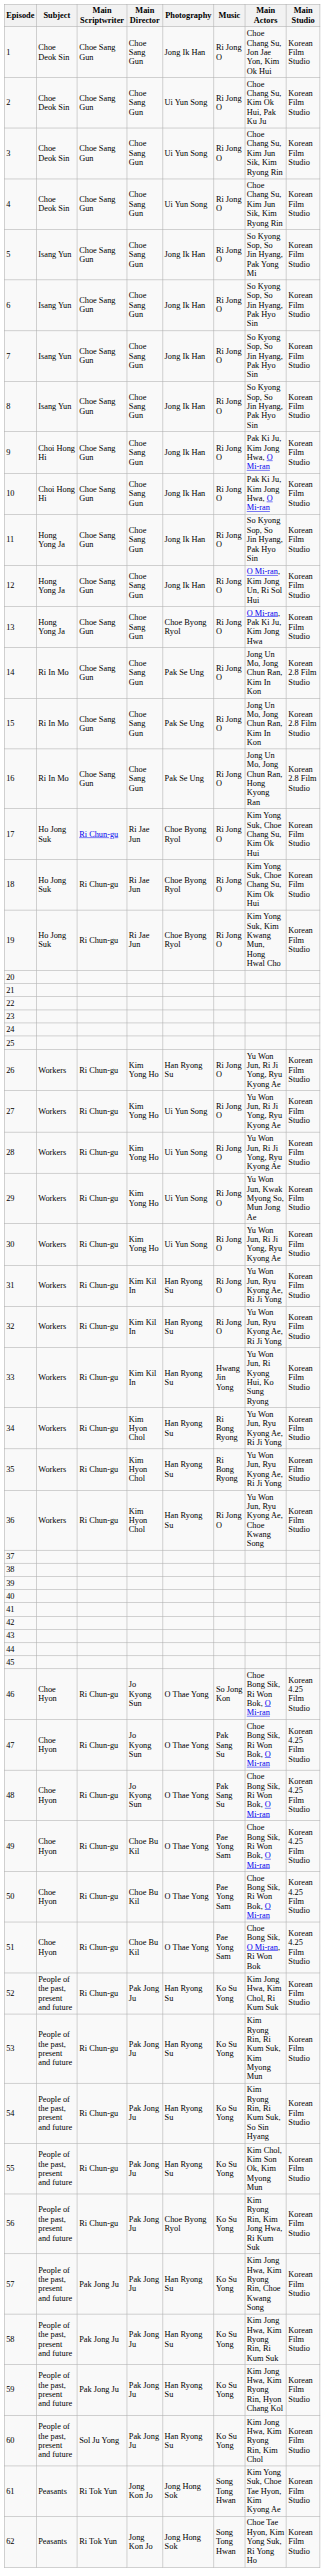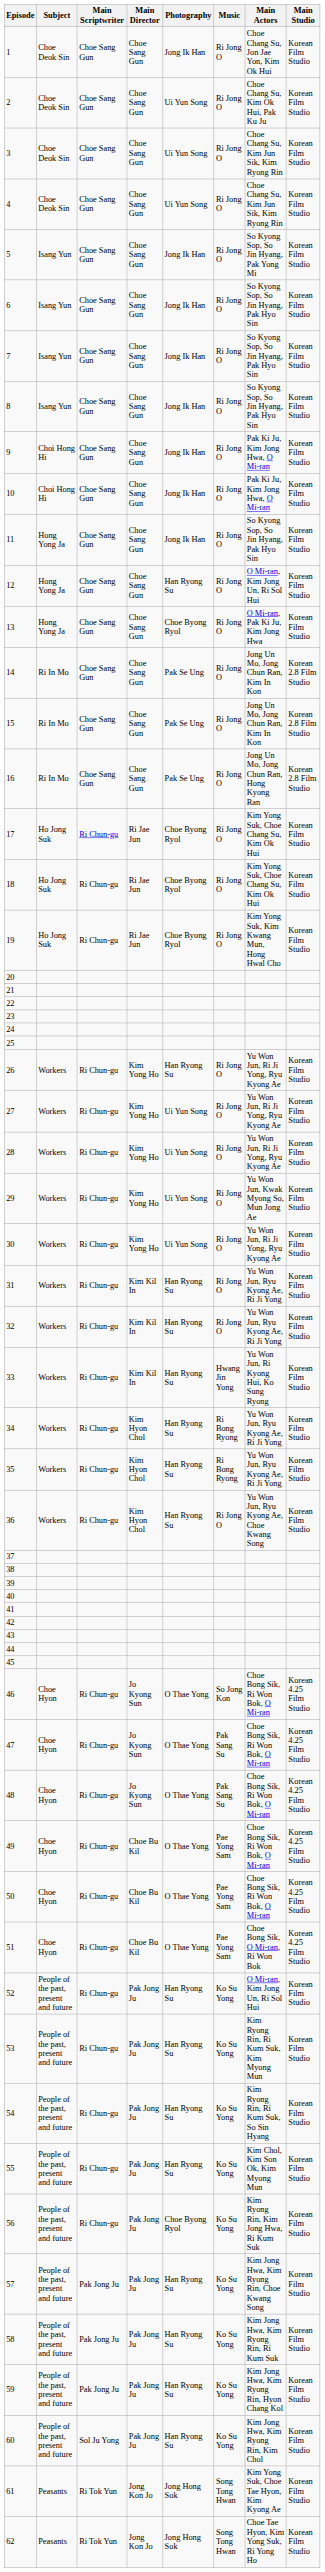 <table class="wikitable">
 <tr>
 <th>Episode</th>
 <th>Subject</th>
 <th>Main Scriptwriter</th>
 <th>Main Director</th>
 <th>Photography</th>
 <th>Music</th>
 <th>Main Actors</th>
 <th>Main Studio</th>
 </tr>
 <tr>
 <td>1</td>
 <td>Choe Deok Sin</td>
 <td>Choe Sang Gun</td>
 <td>Choe Sang Gun</td>
 <td>Jong Ik Han</td>
 <td>Ri Jong O</td>
 <td>Choe Chang Su, Jon Jae Yon, Kim Ok Hui</td>
 <td>Korean Film Studio</td>
 </tr>
 <tr>
 <td>2</td>
 <td>Choe Deok Sin</td>
 <td>Choe Sang Gun</td>
 <td>Choe Sang Gun</td>
 <td>Ui Yun Song</td>
 <td>Ri Jong O</td>
 <td>Choe Chang Su, Kim Ok Hui, Pak Ku Ju</td>
 <td>Korean Film Studio</td>
 </tr>
 <tr>
 <td>3</td>
 <td>Choe Deok Sin</td>
 <td>Choe Sang Gun</td>
 <td>Choe Sang Gun</td>
 <td>Ui Yun Song</td>
 <td>Ri Jong O</td>
 <td>Choe Chang Su, Kim Jun Sik, Kim Ryong Rin</td>
 <td>Korean Film Studio</td>
 </tr>
 <tr>
 <td>4</td>
 <td>Choe Deok Sin</td>
 <td>Choe Sang Gun</td>
 <td>Choe Sang Gun</td>
 <td>Ui Yun Song</td>
 <td>Ri Jong O</td>
 <td>Choe Chang Su, Kim Jun Sik, Kim Ryong Rin</td>
 <td>Korean Film Studio</td>
 </tr>
 <tr>
 <td>5</td>
 <td>Isang Yun</td>
 <td>Choe Sang Gun</td>
 <td>Choe Sang Gun</td>
 <td>Jong Ik Han</td>
 <td>Ri Jong O</td>
 <td>So Kyong Sop, So Jin Hyang, Pak Yong Mi</td>
 <td>Korean Film Studio</td>
 </tr>
 <tr>
 <td>6</td>
 <td>Isang Yun</td>
 <td>Choe Sang Gun</td>
 <td>Choe Sang Gun</td>
 <td>Jong Ik Han</td>
 <td>Ri Jong O</td>
 <td>So Kyong Sop, So Jin Hyang, Pak Hyo Sin</td>
 <td>Korean Film Studio</td>
 </tr>
 <tr>
 <td>7</td>
 <td>Isang Yun</td>
 <td>Choe Sang Gun</td>
 <td>Choe Sang Gun</td>
 <td>Jong Ik Han</td>
 <td>Ri Jong O</td>
 <td>So Kyong Sop, So Jin Hyang, Pak Hyo Sin</td>
 <td>Korean Film Studio</td>
 </tr>
 <tr>
 <td>8</td>
 <td>Isang Yun</td>
 <td>Choe Sang Gun</td>
 <td>Choe Sang Gun</td>
 <td>Jong Ik Han</td>
 <td>Ri Jong O</td>
 <td>So Kyong Sop, So Jin Hyang, Pak Hyo Sin</td>
 <td>Korean Film Studio</td>
 </tr>
 <tr>
 <td>9</td>
 <td>Choi Hong Hi</td>
 <td>Choe Sang Gun</td>
 <td>Choe Sang Gun</td>
 <td>Jong Ik Han</td>
 <td>Ri Jong O</td>
 <td>Pak Ki Ju, Kim Jong Hwa, <a href='#'>O Mi-ran</a></td>
 <td>Korean Film Studio</td>
 </tr>
 <tr>
 <td>10</td>
 <td>Choi Hong Hi</td>
 <td>Choe Sang Gun</td>
 <td>Choe Sang Gun</td>
 <td>Jong Ik Han</td>
 <td>Ri Jong O</td>
 <td>Pak Ki Ju, Kim Jong Hwa, <a href='#'>O Mi-ran</a></td>
 <td>Korean Film Studio</td>
 </tr>
 <tr>
 <td>11</td>
 <td>Hong Yong Ja</td>
 <td>Choe Sang Gun</td>
 <td>Choe Sang Gun</td>
 <td>Jong Ik Han</td>
 <td>Ri Jong O</td>
 <td>So Kyong Sop, So Jin Hyang, Pak Hyo Sin</td>
 <td>Korean Film Studio</td>
 </tr>
 <tr>
 <td>12</td>
 <td>Hong Yong Ja</td>
 <td>Choe Sang Gun</td>
 <td>Choe Sang Gun</td>
-<td>Jong Ik Han</td>
+<td>Han Ryong Su</td>
 <td>Ri Jong O</td>
 <td><a href='#'>O Mi-ran</a>, Kim Jong Un, Ri Sol Hui</td>
 <td>Korean Film Studio</td>
 </tr>
 <tr>
 <td>13</td>
 <td>Hong Yong Ja</td>
 <td>Choe Sang Gun</td>
 <td>Choe Sang Gun</td>
 <td>Choe Byong Ryol</td>
 <td>Ri Jong O</td>
 <td><a href='#'>O Mi-ran</a>, Pak Ki Ju, Kim Jong Hwa</td>
 <td>Korean Film Studio</td>
 </tr>
 <tr>
 <td>14</td>
 <td>Ri In Mo</td>
 <td>Choe Sang Gun</td>
 <td>Choe Sang Gun</td>
 <td>Pak Se Ung</td>
 <td>Ri Jong O</td>
 <td>Jong Un Mo, Jong Chun Ran, Kim In Kon</td>
 <td>Korean 2.8 Film Studio</td>
 </tr>
 <tr>
 <td>15</td>
 <td>Ri In Mo</td>
 <td>Choe Sang Gun</td>
 <td>Choe Sang Gun</td>
 <td>Pak Se Ung</td>
 <td>Ri Jong O</td>
 <td>Jong Un Mo, Jong Chun Ran, Kim In Kon</td>
 <td>Korean 2.8 Film Studio</td>
 </tr>
 <tr>
 <td>16</td>
 <td>Ri In Mo</td>
 <td>Choe Sang Gun</td>
 <td>Choe Sang Gun</td>
 <td>Pak Se Ung</td>
 <td>Ri Jong O</td>
 <td>Jong Un Mo, Jong Chun Ran, Hong Kyong Ran</td>
 <td>Korean 2.8 Film Studio</td>
 </tr>
 <tr>
 <td>17</td>
 <td>Ho Jong Suk</td>
 <td><a href='#'>Ri Chun-gu</a></td>
 <td>Ri Jae Jun</td>
 <td>Choe Byong Ryol</td>
 <td>Ri Jong O</td>
 <td>Kim Yong Suk, Choe Chang Su, Kim Ok Hui</td>
 <td>Korean Film Studio</td>
 </tr>
 <tr>
 <td>18</td>
 <td>Ho Jong Suk</td>
 <td>Ri Chun-gu</td>
 <td>Ri Jae Jun</td>
 <td>Choe Byong Ryol</td>
 <td>Ri Jong O</td>
 <td>Kim Yong Suk, Choe Chang Su, Kim Ok Hui</td>
 <td>Korean Film Studio</td>
 </tr>
 <tr>
 <td>19</td>
 <td>Ho Jong Suk</td>
 <td>Ri Chun-gu</td>
 <td>Ri Jae Jun</td>
 <td>Choe Byong Ryol</td>
 <td>Ri Jong O</td>
 <td>Kim Yong Suk, Kim Kwang Mun, Hong Hwal Cho</td>
 <td>Korean Film Studio</td>
 </tr>
 <tr>
 <td>20</td>
 <td></td>
 <td></td>
 <td></td>
 <td></td>
 <td></td>
 <td></td>
 <td></td>
 </tr>
 <tr>
 <td>21</td>
 <td></td>
 <td></td>
 <td></td>
 <td></td>
 <td></td>
 <td></td>
 <td></td>
 </tr>
 <tr>
 <td>22</td>
 <td></td>
 <td></td>
 <td></td>
 <td></td>
 <td></td>
 <td></td>
 <td></td>
 </tr>
 <tr>
 <td>23</td>
 <td></td>
 <td></td>
 <td></td>
 <td></td>
 <td></td>
 <td></td>
 <td></td>
 </tr>
 <tr>
 <td>24</td>
 <td></td>
 <td></td>
 <td></td>
 <td></td>
 <td></td>
 <td></td>
 <td></td>
 </tr>
 <tr>
 <td>25</td>
 <td></td>
 <td></td>
 <td></td>
 <td></td>
 <td></td>
 <td></td>
 <td></td>
 </tr>
 <tr>
 <td>26</td>
 <td>Workers</td>
 <td>Ri Chun-gu</td>
 <td>Kim Yong Ho</td>
 <td>Han Ryong Su</td>
 <td>Ri Jong O</td>
 <td>Yu Won Jun, Ri Ji Yong, Ryu Kyong Ae</td>
 <td>Korean Film Studio</td>
 </tr>
 <tr>
 <td>27</td>
 <td>Workers</td>
 <td>Ri Chun-gu</td>
 <td>Kim Yong Ho</td>
 <td>Ui Yun Song</td>
 <td>Ri Jong O</td>
 <td>Yu Won Jun, Ri Ji Yong, Ryu Kyong Ae</td>
 <td>Korean Film Studio</td>
 </tr>
 <tr>
 <td>28</td>
 <td>Workers</td>
 <td>Ri Chun-gu</td>
 <td>Kim Yong Ho</td>
 <td>Ui Yun Song</td>
 <td>Ri Jong O</td>
 <td>Yu Won Jun, Ri Ji Yong, Ryu Kyong Ae</td>
 <td>Korean Film Studio</td>
 </tr>
 <tr>
 <td>29</td>
 <td>Workers</td>
 <td>Ri Chun-gu</td>
 <td>Kim Yong Ho</td>
 <td>Ui Yun Song</td>
 <td>Ri Jong O</td>
 <td>Yu Won Jun, Kwak Myong So, Mun Jong Ae</td>
 <td>Korean Film Studio</td>
 </tr>
 <tr>
 <td>30</td>
 <td>Workers</td>
 <td>Ri Chun-gu</td>
 <td>Kim Yong Ho</td>
 <td>Ui Yun Song</td>
 <td>Ri Jong O</td>
 <td>Yu Won Jun, Ri Ji Yong, Ryu Kyong Ae</td>
 <td>Korean Film Studio</td>
 </tr>
 <tr>
 <td>31</td>
 <td>Workers</td>
 <td>Ri Chun-gu</td>
 <td>Kim Kil In</td>
 <td>Han Ryong Su</td>
 <td>Ri Jong O</td>
 <td>Yu Won Jun, Ryu Kyong Ae, Ri Ji Yong</td>
 <td>Korean Film Studio</td>
 </tr>
 <tr>
 <td>32</td>
 <td>Workers</td>
 <td>Ri Chun-gu</td>
 <td>Kim Kil In</td>
 <td>Han Ryong Su</td>
 <td>Ri Jong O</td>
 <td>Yu Won Jun, Ryu Kyong Ae, Ri Ji Yong</td>
 <td>Korean Film Studio</td>
 </tr>
 <tr>
 <td>33</td>
 <td>Workers</td>
 <td>Ri Chun-gu</td>
 <td>Kim Kil In</td>
 <td>Han Ryong Su</td>
 <td>Hwang Jin Yong</td>
 <td>Yu Won Jun, Ri Kyong Hui, Ko Sung Ryong</td>
 <td>Korean Film Studio</td>
 </tr>
 <tr>
 <td>34</td>
 <td>Workers</td>
 <td>Ri Chun-gu</td>
 <td>Kim Hyon Chol</td>
 <td>Han Ryong Su</td>
 <td>Ri Bong Ryong</td>
 <td>Yu Won Jun, Ryu Kyong Ae, Ri Ji Yong</td>
 <td>Korean Film Studio</td>
 </tr>
 <tr>
 <td>35</td>
 <td>Workers</td>
 <td>Ri Chun-gu</td>
 <td>Kim Hyon Chol</td>
 <td>Han Ryong Su</td>
 <td>Ri Bong Ryong</td>
 <td>Yu Won Jun, Ryu Kyong Ae, Ri Ji Yong</td>
 <td>Korean Film Studio</td>
 </tr>
 <tr>
 <td>36</td>
 <td>Workers</td>
 <td>Ri Chun-gu</td>
 <td>Kim Hyon Chol</td>
 <td>Han Ryong Su</td>
 <td>Ri Jong O</td>
 <td>Yu Won Jun, Ryu Kyong Ae, Choe Kwang Song</td>
 <td>Korean Film Studio</td>
 </tr>
 <tr>
 <td>37</td>
 <td></td>
 <td></td>
 <td></td>
 <td></td>
 <td></td>
 <td></td>
 <td></td>
 </tr>
 <tr>
 <td>38</td>
 <td></td>
 <td></td>
 <td></td>
 <td></td>
 <td></td>
 <td></td>
 <td></td>
 </tr>
 <tr>
 <td>39</td>
 <td></td>
 <td></td>
 <td></td>
 <td></td>
 <td></td>
 <td></td>
 <td></td>
 </tr>
 <tr>
 <td>40</td>
 <td></td>
 <td></td>
 <td></td>
 <td></td>
 <td></td>
 <td></td>
 <td></td>
 </tr>
 <tr>
 <td>41</td>
 <td></td>
 <td></td>
 <td></td>
 <td></td>
 <td></td>
 <td></td>
 <td></td>
 </tr>
 <tr>
 <td>42</td>
 <td></td>
 <td></td>
 <td></td>
 <td></td>
 <td></td>
 <td></td>
 <td></td>
 </tr>
 <tr>
 <td>43</td>
 <td></td>
 <td></td>
 <td></td>
 <td></td>
 <td></td>
 <td></td>
 <td></td>
 </tr>
 <tr>
 <td>44</td>
 <td></td>
 <td></td>
 <td></td>
 <td></td>
 <td></td>
 <td></td>
 <td></td>
 </tr>
 <tr>
 <td>45</td>
 <td></td>
 <td></td>
 <td></td>
 <td></td>
 <td></td>
 <td></td>
 <td></td>
 </tr>
 <tr>
 <td>46</td>
 <td>Choe Hyon</td>
 <td>Ri Chun-gu</td>
 <td>Jo Kyong Sun</td>
 <td>O Thae Yong</td>
 <td>So Jong Kon</td>
 <td>Choe Bong Sik, Ri Won Bok, <a href='#'>O Mi-ran</a></td>
 <td>Korean 4.25 Film Studio</td>
 </tr>
 <tr>
 <td>47</td>
 <td>Choe Hyon</td>
 <td>Ri Chun-gu</td>
 <td>Jo Kyong Sun</td>
 <td>O Thae Yong</td>
 <td>Pak Sang Su</td>
 <td>Choe Bong Sik, Ri Won Bok, <a href='#'>O Mi-ran</a></td>
 <td>Korean 4.25 Film Studio</td>
 </tr>
 <tr>
 <td>48</td>
 <td>Choe Hyon</td>
 <td>Ri Chun-gu</td>
 <td>Jo Kyong Sun</td>
 <td>O Thae Yong</td>
 <td>Pak Sang Su</td>
 <td>Choe Bong Sik, Ri Won Bok, <a href='#'>O Mi-ran</a></td>
 <td>Korean 4.25 Film Studio</td>
 </tr>
 <tr>
 <td>49</td>
 <td>Choe Hyon</td>
 <td>Ri Chun-gu</td>
 <td>Choe Bu Kil</td>
 <td>O Thae Yong</td>
 <td>Pae Yong Sam</td>
 <td>Choe Bong Sik, Ri Won Bok, <a href='#'>O Mi-ran</a></td>
 <td>Korean 4.25 Film Studio</td>
 </tr>
 <tr>
 <td>50</td>
 <td>Choe Hyon</td>
 <td>Ri Chun-gu</td>
 <td>Choe Bu Kil</td>
 <td>O Thae Yong</td>
 <td>Pae Yong Sam</td>
 <td>Choe Bong Sik, Ri Won Bok, <a href='#'>O Mi-ran</a></td>
 <td>Korean 4.25 Film Studio</td>
 </tr>
 <tr>
 <td>51</td>
 <td>Choe Hyon</td>
 <td>Ri Chun-gu</td>
 <td>Choe Bu Kil</td>
 <td>O Thae Yong</td>
 <td>Pae Yong Sam</td>
 <td>Choe Bong Sik, <a href='#'>O Mi-ran</a>, Ri Won Bok</td>
 <td>Korean 4.25 Film Studio</td>
 </tr>
 <tr>
 <td>52</td>
 <td>People of the past, present and future</td>
 <td>Ri Chun-gu</td>
 <td>Pak Jong Ju</td>
 <td>Han Ryong Su</td>
 <td>Ko Su Yong</td>
-<td>Kim Jong Hwa, Kim Chol, Ri Kum Suk</td>
+<td><a href='#'>O Mi-ran</a>, Kim Jong Un, Ri Sol Hui</td>
 <td>Korean Film Studio</td>
 </tr>
 <tr>
 <td>53</td>
 <td>People of the past, present and future</td>
 <td>Ri Chun-gu</td>
 <td>Pak Jong Ju</td>
 <td>Han Ryong Su</td>
 <td>Ko Su Yong</td>
 <td>Kim Ryong Rin, Ri Kum Suk, Kim Myong Mun</td>
 <td>Korean Film Studio</td>
 </tr>
 <tr>
 <td>54</td>
 <td>People of the past, present and future</td>
 <td>Ri Chun-gu</td>
 <td>Pak Jong Ju</td>
 <td>Han Ryong Su</td>
 <td>Ko Su Yong</td>
 <td>Kim Ryong Rin, Ri Kum Suk, So Sin Hyang</td>
 <td>Korean Film Studio</td>
 </tr>
 <tr>
 <td>55</td>
 <td>People of the past, present and future</td>
 <td>Ri Chun-gu</td>
 <td>Pak Jong Ju</td>
 <td>Han Ryong Su</td>
 <td>Ko Su Yong</td>
 <td>Kim Chol, Kim Son Ok, Kim Myong Mun</td>
 <td>Korean Film Studio</td>
 </tr>
 <tr>
 <td>56</td>
 <td>People of the past, present and future</td>
 <td>Ri Chun-gu</td>
 <td>Pak Jong Ju</td>
 <td>Choe Byong Ryol</td>
 <td>Ko Su Yong</td>
 <td>Kim Ryong Rin, Kim Jong Hwa, Ri Kum Suk</td>
 <td>Korean Film Studio</td>
 </tr>
 <tr>
 <td>57</td>
 <td>People of the past, present and future</td>
 <td>Pak Jong Ju</td>
 <td>Pak Jong Ju</td>
 <td>Han Ryong Su</td>
 <td>Ko Su Yong</td>
 <td>Kim Jong Hwa, Kim Ryong Rin, Choe Kwang Song</td>
 <td>Korean Film Studio</td>
 </tr>
 <tr>
 <td>58</td>
 <td>People of the past, present and future</td>
 <td>Pak Jong Ju</td>
 <td>Pak Jong Ju</td>
 <td>Han Ryong Su</td>
 <td>Ko Su Yong</td>
 <td>Kim Jong Hwa, Kim Ryong Rin, Ri Kum Suk</td>
 <td>Korean Film Studio</td>
 </tr>
 <tr>
 <td>59</td>
 <td>People of the past, present and future</td>
 <td>Pak Jong Ju</td>
 <td>Pak Jong Ju</td>
 <td>Han Ryong Su</td>
 <td>Ko Su Yong</td>
 <td>Kim Jong Hwa, Kim Ryong Rin, Hyon Chang Kol</td>
 <td>Korean Film Studio</td>
 </tr>
 <tr>
 <td>60</td>
 <td>People of the past, present and future</td>
 <td>Sol Ju Yong</td>
 <td>Pak Jong Ju</td>
 <td>Han Ryong Su</td>
 <td>Ko Su Yong</td>
 <td>Kim Jong Hwa, Kim Ryong Rin, Kim Chol</td>
 <td>Korean Film Studio</td>
 </tr>
 <tr>
 <td>61</td>
 <td>Peasants</td>
 <td>Ri Tok Yun</td>
 <td>Jong Kon Jo</td>
 <td>Jong Hong Sok</td>
 <td>Song Tong Hwan</td>
 <td>Kim Yong Suk, Choe Tae Hyon, Kim Kyong Ae</td>
 <td>Korean Film Studio</td>
 </tr>
 <tr>
 <td>62</td>
 <td>Peasants</td>
 <td>Ri Tok Yun</td>
 <td>Jong Kon Jo</td>
 <td>Jong Hong Sok</td>
 <td>Song Tong Hwan</td>
 <td>Choe Tae Hyon, Kim Yong Suk, Ri Yong Ho</td>
 <td>Korean Film Studio</td>
 </tr>
 </table>
